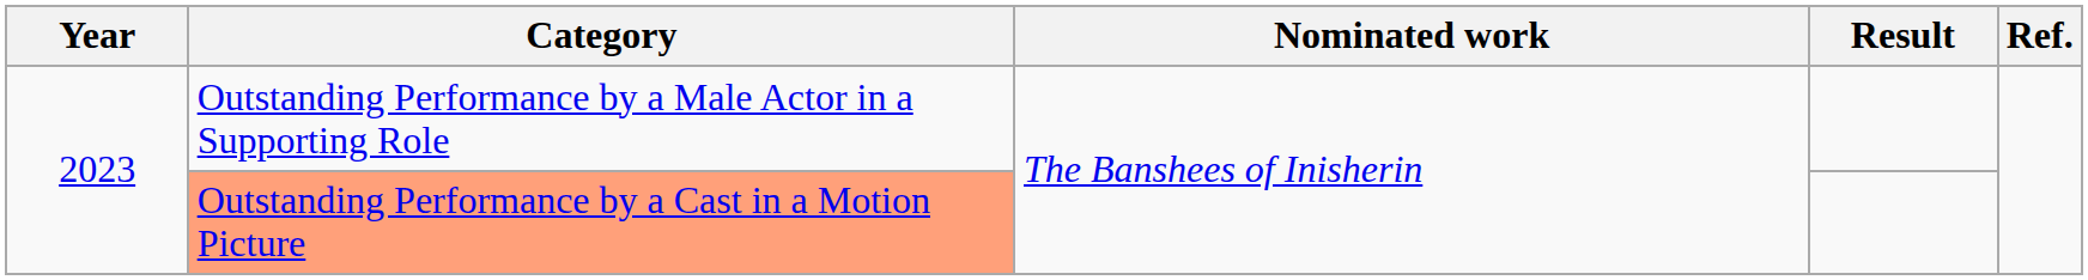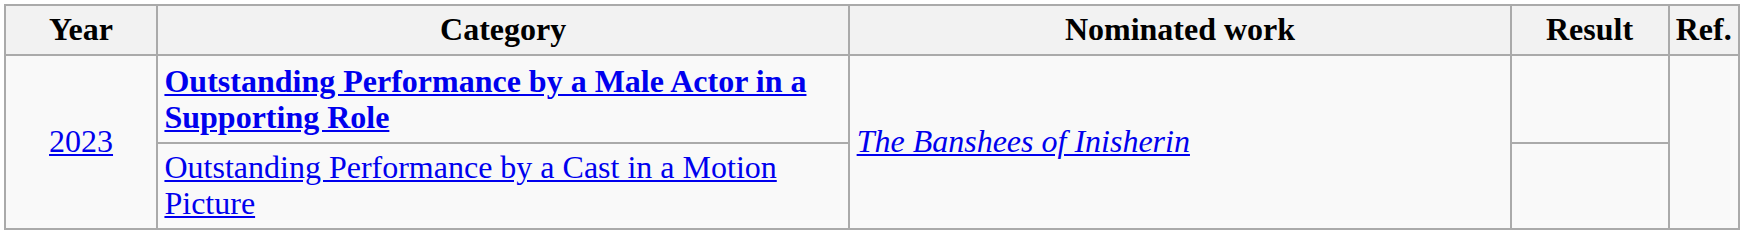 <table class=wikitable>
 <tr>
 <th scope="col" style="width:5em;">Year</th>
 <th scope="col" style="width:26em;">Category</th>
 <th scope="col" style="width:25em;">Nominated work</th>
 <th scope="col" style="width:5em;">Result</th>
 <th>Ref.</th>
 </tr>
 <tr>
 <td rowspan="2" style="text-align:center;"><a href='#'>2023</a></td>
-<td><a href='#'>Outstanding Performance by a Male Actor in a Supporting Role</a></td>
+<td><strong><a href='#'>Outstanding Performance by a Male Actor in a Supporting Role</a></strong></td>
 <td rowspan="2"><em><a href='#'>The Banshees of Inisherin</a></em></td>
 <td></td>
 <td rowspan="2" style="text-align:center;"></td>
 </tr>
 <tr>
-<td style="background: lightsalmon;"><a href='#'>Outstanding Performance by a Cast in a Motion Picture</a></td>
+<td><a href='#'>Outstanding Performance by a Cast in a Motion Picture</a></td>
 <td></td>
 </tr>
 </table>
